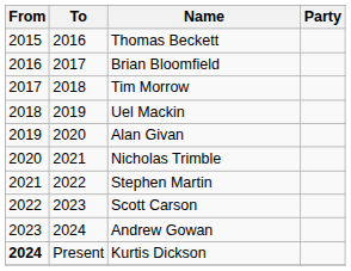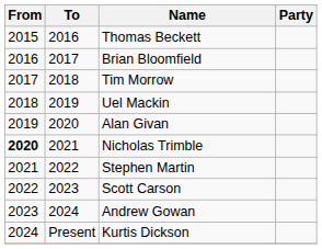 <table class="wikitable sortable">
 <tr>
 <th>From</th>
 <th>To</th>
 <th scope="col" width="200">Name</th>
 <th colspan="2">Party</th>
 </tr>
 <tr>
 <td>2015</td>
 <td>2016</td>
 <td>Thomas Beckett</td>
 <td></td>
 </tr>
 <tr>
 <td>2016</td>
 <td>2017</td>
 <td>Brian Bloomfield</td>
 <td></td>
 </tr>
 <tr>
 <td>2017</td>
 <td>2018</td>
 <td>Tim Morrow</td>
 <td></td>
 </tr>
 <tr>
 <td>2018</td>
 <td>2019</td>
 <td>Uel Mackin</td>
 <td></td>
 </tr>
 <tr>
 <td>2019</td>
 <td>2020</td>
 <td>Alan Givan</td>
 <td></td>
 </tr>
 <tr>
-<td>2020</td>
+<td><strong>2020</strong></td>
 <td>2021</td>
 <td>Nicholas Trimble</td>
 <td></td>
 </tr>
 <tr>
 <td>2021</td>
 <td>2022</td>
 <td>Stephen Martin</td>
 <td></td>
 </tr>
 <tr>
 <td>2022</td>
 <td>2023</td>
 <td>Scott Carson</td>
 <td></td>
 </tr>
 <tr>
 <td>2023</td>
 <td>2024</td>
 <td>Andrew Gowan</td>
 <td></td>
 </tr>
 <tr>
-<td><strong>2024</strong></td>
+<td>2024</td>
 <td>Present</td>
 <td>Kurtis Dickson</td>
 <td></td>
 </tr>
 <tr>
 </tr>
 </table>
